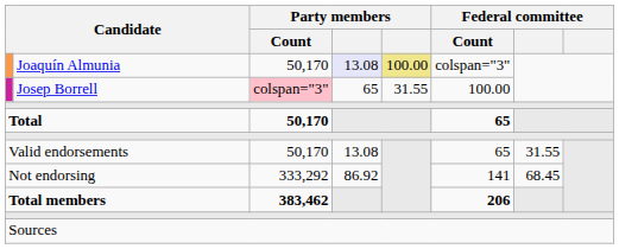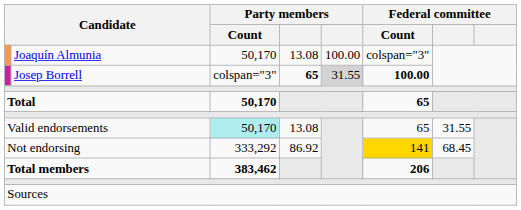 <table class="wikitable" style="text-align:right;">
 <tr>
 <th rowspan="2" colspan="2" width="250">Candidate</th>
 <th colspan="3">Party members</th>
 <th colspan="3">Federal committee</th>
 </tr>
 <tr>
 <th width="60">Count</th>
 <th width="45"></th>
 <th width="45"></th>
 <th width="50">Count</th>
 <th width="45"></th>
 <th width="45"></th>
 </tr>
 <tr>
 <td width="1" style="color:inherit;background:#FF9744"></td>
 <td align="left"><a href='#'>Joaquín Almunia</a></td>
 <td>50,170</td>
-<td style="background: lavender;">13.08</td>
-<td style="background: khaki;">100.00</td>
+<td>13.08</td>
+<td>100.00</td>
 <td>colspan="3" </td>
 </tr>
 <tr>
 <td style="color:inherit;background:#CB1F9B"></td>
 <td align="left"><a href='#'>Josep Borrell</a></td>
-<td style="background: pink;">colspan="3" </td>
-<td>65</td>
-<td>31.55</td>
-<td>100.00</td>
+<td>colspan="3" </td>
+<td><strong>65</strong></td>
+<td style="background: lightgrey;">31.55</td>
+<td><strong>100.00</strong></td>
 </tr>
 <tr>
 <td colspan="8" bgcolor="#E9E9E9"></td>
 </tr>
 <tr style="font-weight:bold;">
 <td align="left" colspan="2">Total</td>
 <td>50,170</td>
 <td bgcolor="#E9E9E9" colspan="2"></td>
 <td>65</td>
 <td bgcolor="#E9E9E9" colspan="2"></td>
 </tr>
 <tr>
 <td colspan="8" bgcolor="#E9E9E9"></td>
 </tr>
 <tr>
 <td align="left" colspan="2">Valid endorsements</td>
-<td>50,170</td>
+<td style="background: paleturquoise;">50,170</td>
 <td>13.08</td>
 <td rowspan="3" bgcolor="#E9E9E9"></td>
 <td>65</td>
 <td>31.55</td>
 <td rowspan="3" bgcolor="#E9E9E9"></td>
 </tr>
 <tr>
 <td align="left" colspan="2">Not endorsing</td>
 <td>333,292</td>
 <td>86.92</td>
-<td>141</td>
+<td style="background: gold;">141</td>
 <td>68.45</td>
 </tr>
 <tr style="font-weight:bold;">
 <td align="left" colspan="2">Total members</td>
 <td>383,462</td>
 <td bgcolor="#E9E9E9"></td>
 <td>206</td>
 <td bgcolor="#E9E9E9"></td>
 </tr>
 <tr>
 <td colspan="8" bgcolor="#E9E9E9"></td>
 </tr>
 <tr>
 <td align="left" colspan="8">Sources</td>
 </tr>
 </table>
